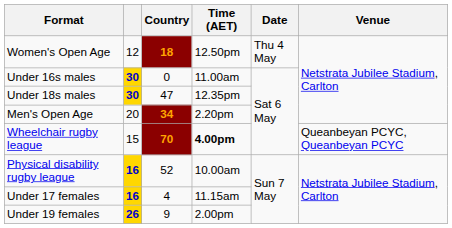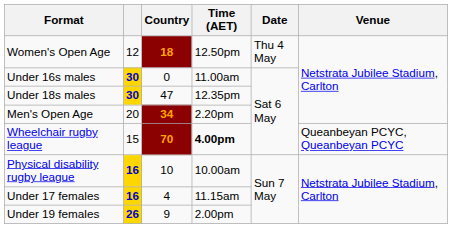 <table class="wikitable">
 <tr>
 <th>Format</th>
 <th City></th>
 <th>Country</th>
 <th>Time (AET)</th>
 <th>Date</th>
 <th>Venue<br> </th>
 </tr>
 <tr>
 <td>Women's Open Age</td>
 <td align=center>12</td>
 <td style="background:darkRed; color:orange;" align=center><strong>18</strong></td>
 <td>12.50pm</td>
 <td>Thu 4 May</td>
 <td rowspan=4><a href='#'>Netstrata Jubilee Stadium</a>, <a href='#'>Carlton</a></td>
 </tr>
 <tr>
 <td>Under 16s males</td>
 <td style="background:gold; color:#0000cd;" align=center><strong>30</strong></td>
 <td align=center>0</td>
 <td>11.00am</td>
 <td rowspan=4>Sat 6 May</td>
 </tr>
 <tr>
 <td>Under 18s males</td>
 <td style="background:gold; color:#0000cd;" align=center><strong>30</strong></td>
 <td align=center>47</td>
 <td>12.35pm</td>
 </tr>
 <tr>
 <td>Men's Open Age</td>
 <td align=center>20</td>
 <td style="background:darkRed; color:orange;" align=center><strong>34</strong></td>
 <td>2.20pm</td>
 </tr>
 <tr>
 <td><a href='#'>Wheelchair rugby league</a></td>
 <td align=center>15</td>
 <td style="background:darkRed; color:orange;" align=center><strong>70</strong></td>
 <td><strong>4.00pm</strong></td>
 <td>Queanbeyan PCYC, <a href='#'>Queanbeyan PCYC</a></td>
 </tr>
 <tr>
 <td><a href='#'>Physical disability rugby league</a></td>
 <td style="background:gold; color:#0000cd;" align=center><strong>16</strong></td>
-<td align=center>52</td>
+<td align=center>10</td>
 <td>10.00am</td>
 <td rowspan=3>Sun 7 May</td>
 <td rowspan=3><a href='#'>Netstrata Jubilee Stadium</a>, <a href='#'>Carlton</a></td>
 </tr>
 <tr>
 <td>Under 17 females</td>
 <td style="background:gold; color:#0000cd;" align=center><strong>16</strong></td>
 <td align=center>4</td>
 <td>11.15am</td>
 </tr>
 <tr>
 <td>Under 19 females</td>
 <td style="background:gold; color:#0000cd;" align=center><strong>26</strong></td>
 <td align=center>9</td>
 <td>2.00pm</td>
 </tr>
 </table>
